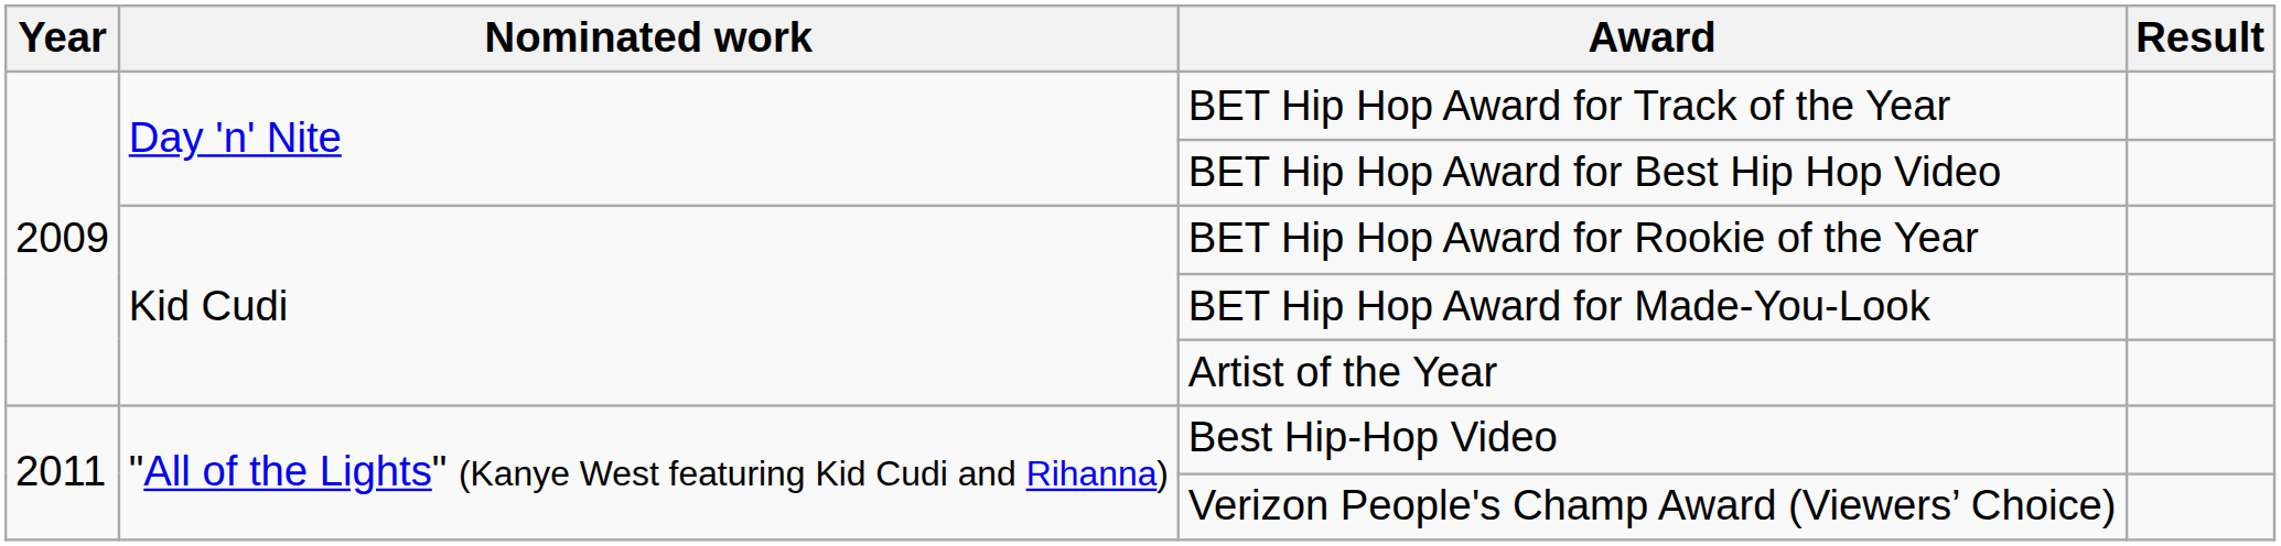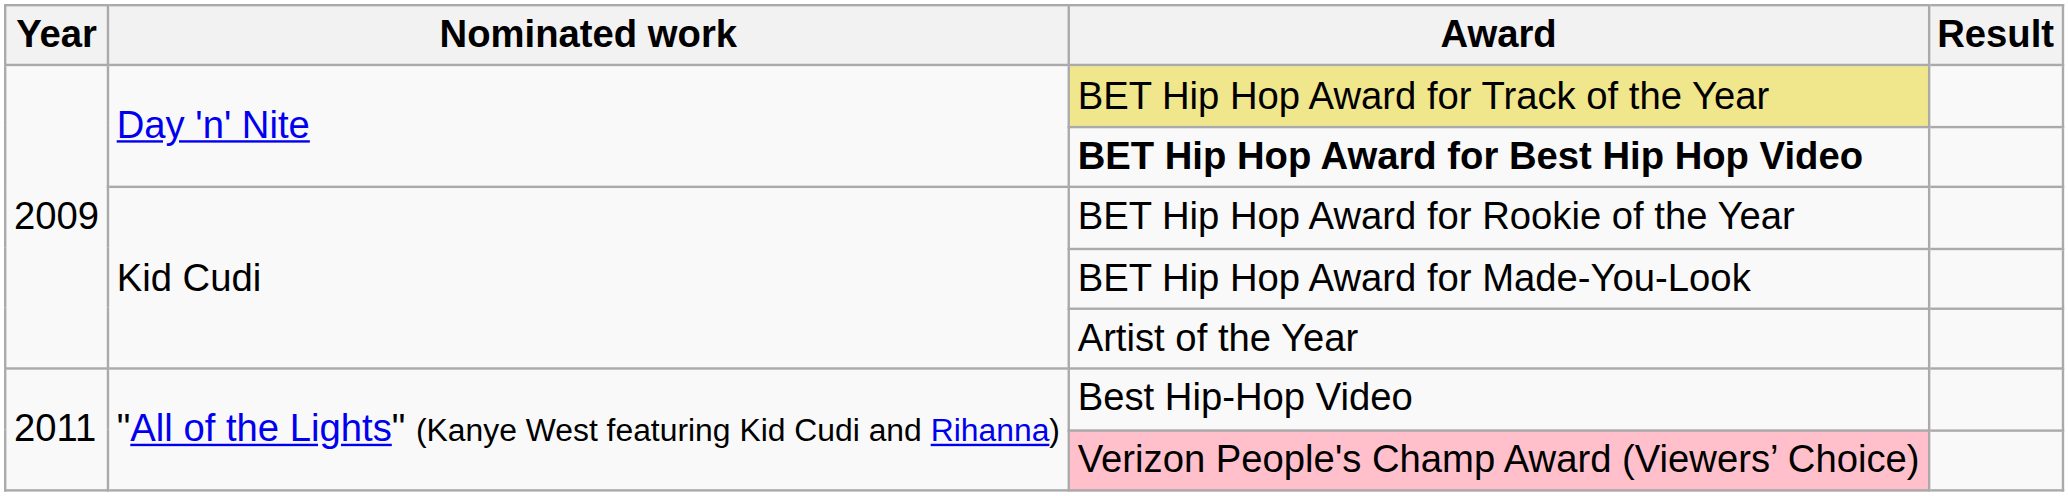 <table class="wikitable">
 <tr>
 <th>Year</th>
 <th>Nominated work</th>
 <th>Award</th>
 <th>Result</th>
 </tr>
 <tr>
 <td rowspan="5">2009</td>
 <td rowspan="2"><a href='#'>Day 'n' Nite</a></td>
-<td>BET Hip Hop Award for Track of the Year</td>
+<td style="background: khaki;">BET Hip Hop Award for Track of the Year</td>
 <td></td>
 </tr>
 <tr>
-<td>BET Hip Hop Award for Best Hip Hop Video</td>
+<td><strong>BET Hip Hop Award for Best Hip Hop Video</strong></td>
 <td></td>
 </tr>
 <tr>
 <td rowspan="3">Kid Cudi</td>
 <td>BET Hip Hop Award for Rookie of the Year</td>
 <td></td>
 </tr>
 <tr>
 <td>BET Hip Hop Award for Made-You-Look</td>
 <td></td>
 </tr>
 <tr>
 <td>Artist of the Year</td>
 <td></td>
 </tr>
 <tr>
 <td rowspan="2">2011</td>
 <td rowspan="2">"<a href='#'>All of the Lights</a>" <small>(Kanye West featuring Kid Cudi and <a href='#'>Rihanna</a>)</small></td>
 <td>Best Hip-Hop Video</td>
 <td></td>
 </tr>
 <tr>
-<td>Verizon People's Champ Award (Viewers’ Choice)</td>
+<td style="background: pink;">Verizon People's Champ Award (Viewers’ Choice)</td>
 <td></td>
 </tr>
 </table>
